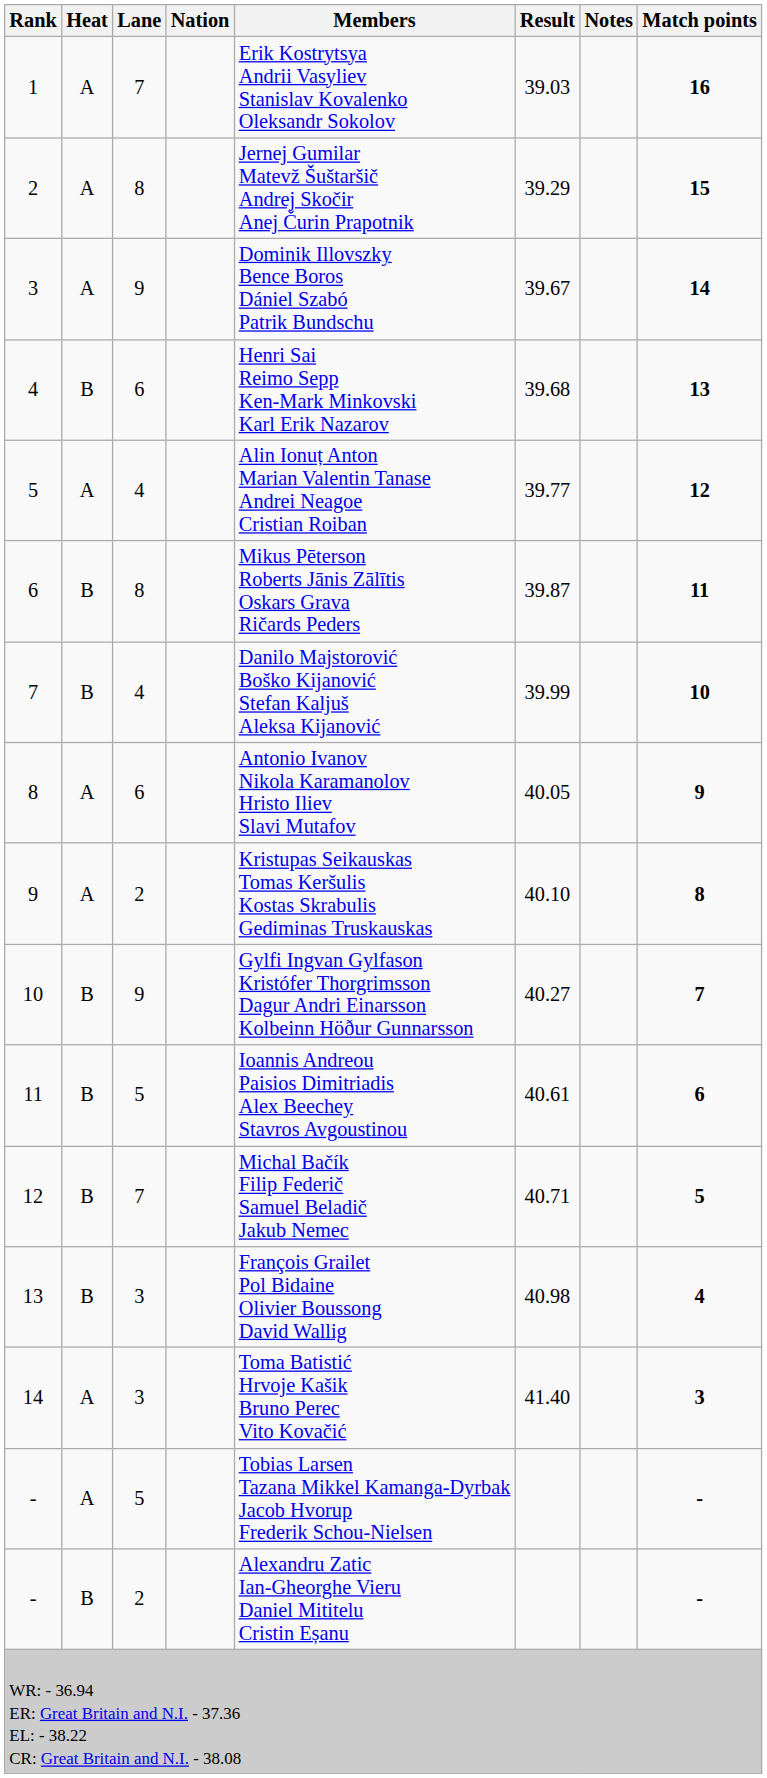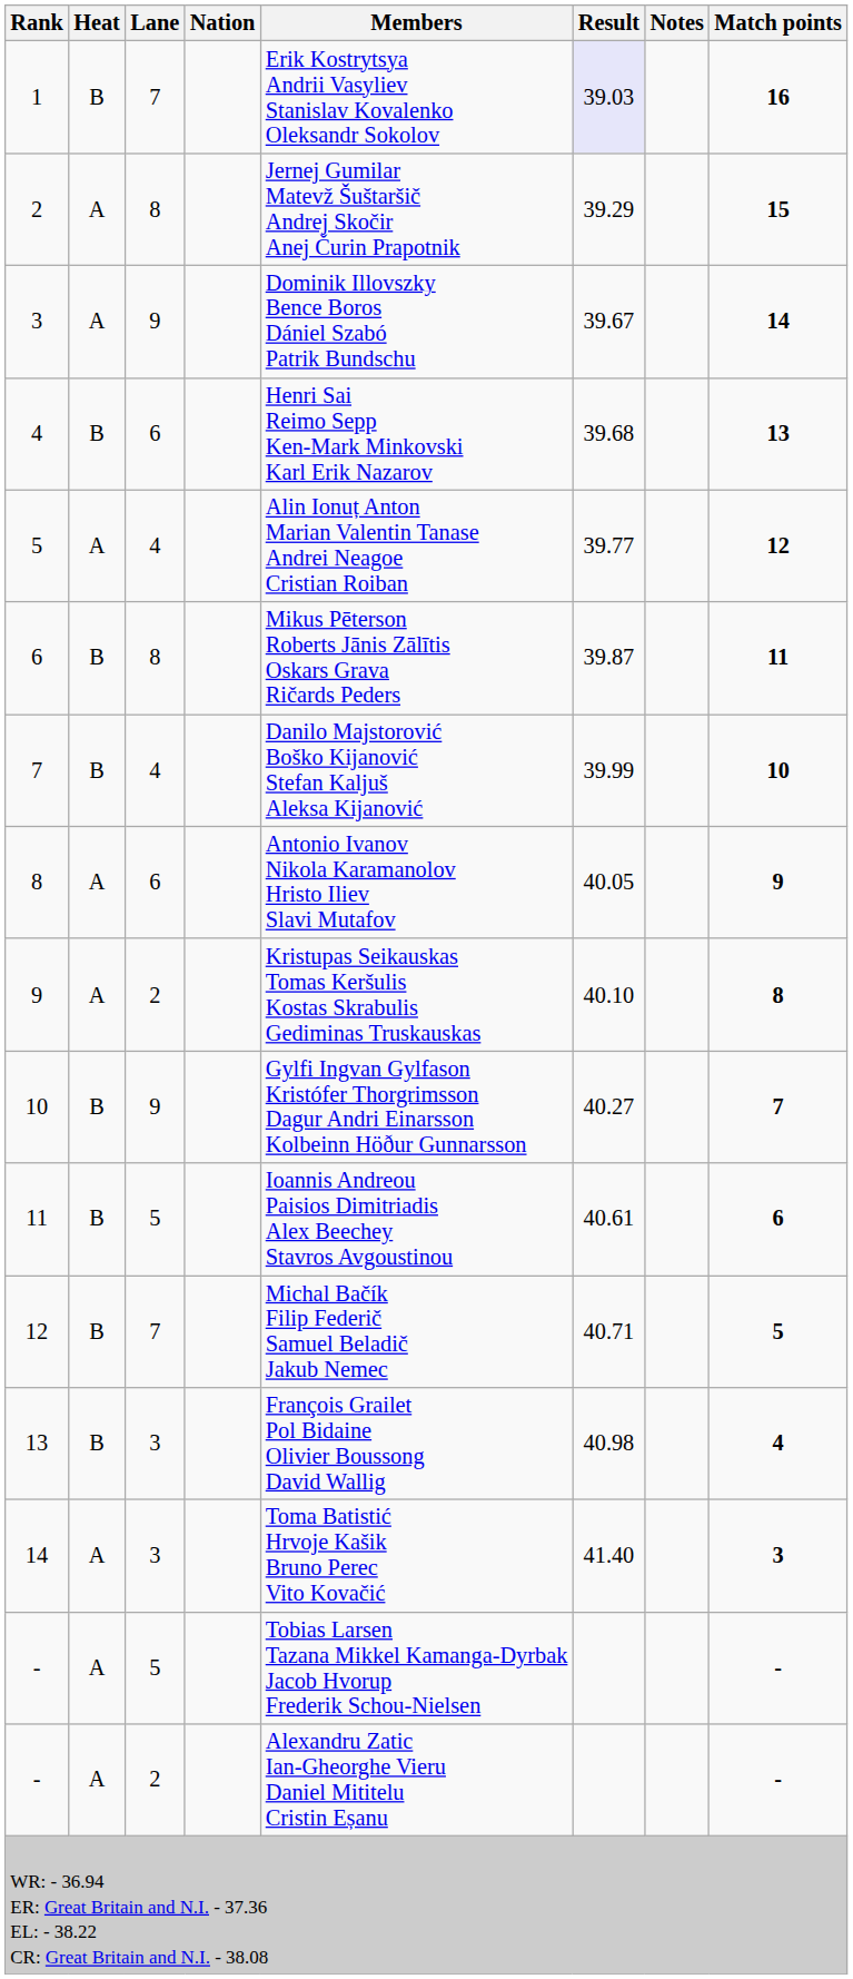 <table class="wikitable sortable" style="text-align:left;">
 <tr>
 <th>Rank</th>
 <th>Heat</th>
 <th>Lane</th>
 <th>Nation</th>
 <th>Members</th>
 <th>Result</th>
 <th>Notes</th>
 <th>Match points</th>
 </tr>
 <tr>
 <td align=center>1</td>
-<td align=center>A</td>
+<td align=center>B</td>
 <td align=center>7</td>
 <td></td>
 <td><a href='#'>Erik Kostrytsya</a><br><a href='#'>Andrii Vasyliev</a><br><a href='#'>Stanislav Kovalenko</a><br><a href='#'>Oleksandr Sokolov</a></td>
-<td align=center>39.03</td>
+<td align=center style="background: lavender;">39.03</td>
 <td align=center></td>
 <td align=center><strong>16</strong></td>
 </tr>
 <tr>
 <td align=center>2</td>
 <td align=center>A</td>
 <td align=center>8</td>
 <td></td>
 <td><a href='#'>Jernej Gumilar</a><br><a href='#'>Matevž Šuštaršič</a><br><a href='#'>Andrej Skočir</a><br><a href='#'>Anej Čurin Prapotnik</a></td>
 <td align=center>39.29</td>
 <td align=center></td>
 <td align=center><strong>15</strong></td>
 </tr>
 <tr>
 <td align=center>3</td>
 <td align=center>A</td>
 <td align=center>9</td>
 <td></td>
 <td><a href='#'>Dominik Illovszky</a><br><a href='#'>Bence Boros</a><br><a href='#'>Dániel Szabó</a><br><a href='#'>Patrik Bundschu</a></td>
 <td align=center>39.67</td>
 <td align=center></td>
 <td align=center><strong>14</strong></td>
 </tr>
 <tr>
 <td align=center>4</td>
 <td align=center>B</td>
 <td align=center>6</td>
 <td></td>
 <td><a href='#'>Henri Sai</a><br><a href='#'>Reimo Sepp</a><br><a href='#'>Ken-Mark Minkovski</a><br><a href='#'>Karl Erik Nazarov</a></td>
 <td align=center>39.68</td>
 <td align=center></td>
 <td align=center><strong>13</strong></td>
 </tr>
 <tr>
 <td align=center>5</td>
 <td align=center>A</td>
 <td align=center>4</td>
 <td></td>
 <td><a href='#'>Alin Ionuț Anton</a><br><a href='#'>Marian Valentin Tanase</a><br><a href='#'>Andrei Neagoe</a><br><a href='#'>Cristian Roiban</a></td>
 <td align=center>39.77</td>
 <td align=center></td>
 <td align=center><strong>12</strong></td>
 </tr>
 <tr>
 <td align=center>6</td>
 <td align=center>B</td>
 <td align=center>8</td>
 <td></td>
 <td><a href='#'>Mikus Pēterson</a><br><a href='#'>Roberts Jānis Zālītis</a><br><a href='#'>Oskars Grava</a><br><a href='#'>Ričards Peders</a></td>
 <td align=center>39.87</td>
 <td align=center></td>
 <td align=center><strong>11</strong></td>
 </tr>
 <tr>
 <td align=center>7</td>
 <td align=center>B</td>
 <td align=center>4</td>
 <td></td>
 <td><a href='#'>Danilo Majstorović</a><br><a href='#'>Boško Kijanović</a><br><a href='#'>Stefan Kaljuš</a><br><a href='#'>Aleksa Kijanović</a></td>
 <td align=center>39.99</td>
 <td align=center></td>
 <td align=center><strong>10</strong></td>
 </tr>
 <tr>
 <td align=center>8</td>
 <td align=center>A</td>
 <td align=center>6</td>
 <td></td>
 <td><a href='#'>Antonio Ivanov</a><br><a href='#'>Nikola Karamanolov</a><br><a href='#'>Hristo Iliev</a><br><a href='#'>Slavi Mutafov</a></td>
 <td align=center>40.05</td>
 <td align=center></td>
 <td align=center><strong>9</strong></td>
 </tr>
 <tr>
 <td align=center>9</td>
 <td align=center>A</td>
 <td align=center>2</td>
 <td></td>
 <td><a href='#'>Kristupas Seikauskas</a><br><a href='#'>Tomas Keršulis</a><br><a href='#'>Kostas Skrabulis</a><br><a href='#'>Gediminas Truskauskas</a></td>
 <td align=center>40.10</td>
 <td align=center></td>
 <td align=center><strong>8</strong></td>
 </tr>
 <tr>
 <td align=center>10</td>
 <td align=center>B</td>
 <td align=center>9</td>
 <td></td>
 <td><a href='#'>Gylfi Ingvan Gylfason</a><br><a href='#'>Kristófer Thorgrimsson</a><br><a href='#'>Dagur Andri Einarsson</a><br><a href='#'>Kolbeinn Höður Gunnarsson</a></td>
 <td align=center>40.27</td>
 <td align=center></td>
 <td align=center><strong>7</strong></td>
 </tr>
 <tr>
 <td align=center>11</td>
 <td align=center>B</td>
 <td align=center>5</td>
 <td></td>
 <td><a href='#'>Ioannis Andreou</a><br><a href='#'>Paisios Dimitriadis</a><br><a href='#'>Alex Beechey</a><br><a href='#'>Stavros Avgoustinou</a></td>
 <td align=center>40.61</td>
 <td align=center></td>
 <td align=center><strong>6</strong></td>
 </tr>
 <tr>
 <td align=center>12</td>
 <td align=center>B</td>
 <td align=center>7</td>
 <td></td>
 <td><a href='#'>Michal Bačík</a><br><a href='#'>Filip Federič</a><br><a href='#'>Samuel Beladič</a><br><a href='#'>Jakub Nemec</a></td>
 <td align=center>40.71</td>
 <td align=center></td>
 <td align=center><strong>5</strong></td>
 </tr>
 <tr>
 <td align=center>13</td>
 <td align=center>B</td>
 <td align=center>3</td>
 <td></td>
 <td><a href='#'>François Grailet</a><br><a href='#'>Pol Bidaine</a><br><a href='#'>Olivier Boussong</a><br><a href='#'>David Wallig</a></td>
 <td align=center>40.98</td>
 <td align=center></td>
 <td align=center><strong>4</strong></td>
 </tr>
 <tr>
 <td align=center>14</td>
 <td align=center>A</td>
 <td align=center>3</td>
 <td></td>
 <td><a href='#'>Toma Batistić</a><br><a href='#'>Hrvoje Kašik</a><br><a href='#'>Bruno Perec</a><br><a href='#'>Vito Kovačić</a></td>
 <td align=center>41.40</td>
 <td align=center></td>
 <td align=center><strong>3</strong></td>
 </tr>
 <tr>
 <td align=center>-</td>
 <td align=center>A</td>
 <td align=center>5</td>
 <td></td>
 <td><a href='#'>Tobias Larsen</a><br><a href='#'>Tazana Mikkel Kamanga-Dyrbak</a><br><a href='#'>Jacob Hvorup</a><br><a href='#'>Frederik Schou-Nielsen</a></td>
 <td align=center></td>
 <td></td>
 <td align=center><strong>-</strong></td>
 </tr>
 <tr>
 <td align=center>-</td>
-<td align=center>B</td>
+<td align=center>A</td>
 <td align=center>2</td>
 <td></td>
 <td><a href='#'>Alexandru Zatic</a><br><a href='#'>Ian-Gheorghe Vieru</a><br><a href='#'>Daniel Mititelu</a><br><a href='#'>Cristin Eșanu</a></td>
 <td align=center></td>
 <td></td>
 <td align=center><strong>-</strong></td>
 </tr>
 <tr>
 <td colspan="8" bgcolor="#cccccc"><br> <small>WR:   - 36.94<br>ER: <a href='#'>Great Britain and N.I.</a> - 37.36<br></small> <small>EL:   - 38.22<br>CR:  <a href='#'>Great Britain and N.I.</a> - 38.08</small></td>
 </tr>
 </table>
